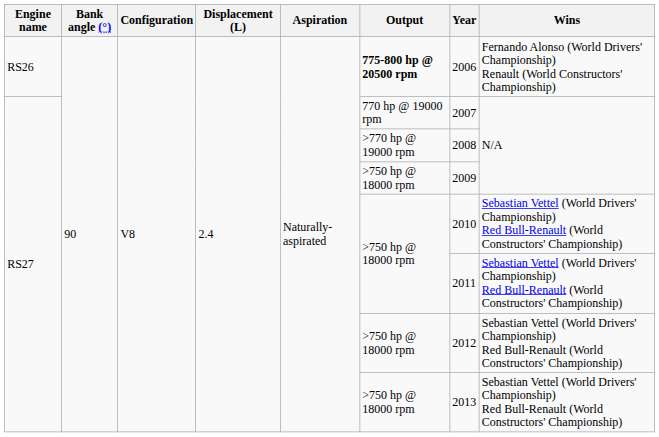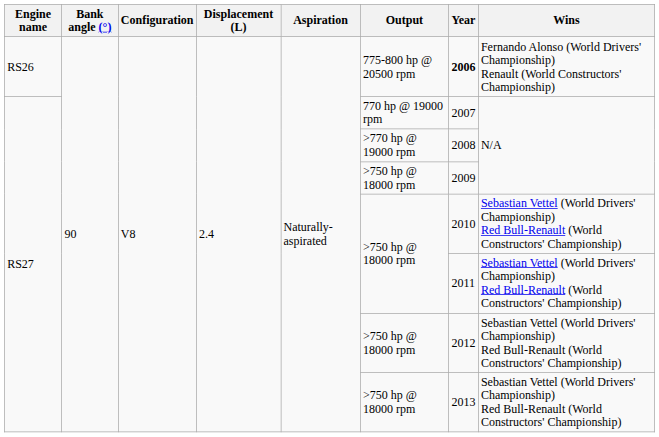 <table class="wikitable sortable">
 <tr>
 <th>Engine name</th>
 <th>Bank angle <a href='#'>(°)</a></th>
 <th>Configuration</th>
 <th>Displacement (L)</th>
 <th>Aspiration</th>
 <th>Output</th>
 <th>Year</th>
 <th>Wins</th>
 </tr>
 <tr>
 <td>RS26</td>
 <td rowspan="8">90</td>
 <td rowspan="8">V8</td>
 <td rowspan="8">2.4</td>
 <td rowspan="8">Naturally-aspirated</td>
-<td><strong>775-800 hp @ 20500 rpm</strong></td>
-<td>2006</td>
+<td>775-800 hp @ 20500 rpm</td>
+<td><strong>2006</strong></td>
 <td>Fernando Alonso (World Drivers' Championship)<br>Renault (World Constructors' Championship)</td>
 </tr>
 <tr>
 <td rowspan="7">RS27</td>
 <td>770 hp @ 19000 rpm</td>
 <td>2007</td>
 <td rowspan="3">N/A</td>
 </tr>
 <tr>
 <td>>770 hp @ 19000 rpm</td>
 <td>2008</td>
 </tr>
 <tr>
 <td>>750 hp @ 18000 rpm</td>
 <td>2009</td>
 </tr>
 <tr>
 <td rowspan="2">>750 hp @ 18000 rpm</td>
 <td>2010</td>
 <td><a href='#'>Sebastian Vettel</a> (World Drivers' Championship)<br><a href='#'>Red Bull-Renault</a> (World Constructors' Championship)</td>
 </tr>
 <tr>
 <td>2011</td>
 <td><a href='#'>Sebastian Vettel</a> (World Drivers' Championship)<br><a href='#'>Red Bull-Renault</a> (World Constructors' Championship)</td>
 </tr>
 <tr>
 <td>>750 hp @ 18000 rpm</td>
 <td>2012</td>
 <td>Sebastian Vettel (World Drivers' Championship)<br>Red Bull-Renault (World Constructors' Championship)</td>
 </tr>
 <tr>
 <td>>750 hp @ 18000 rpm</td>
 <td>2013</td>
 <td>Sebastian Vettel (World Drivers' Championship)<br>Red Bull-Renault (World Constructors' Championship)</td>
 </tr>
 </table>
